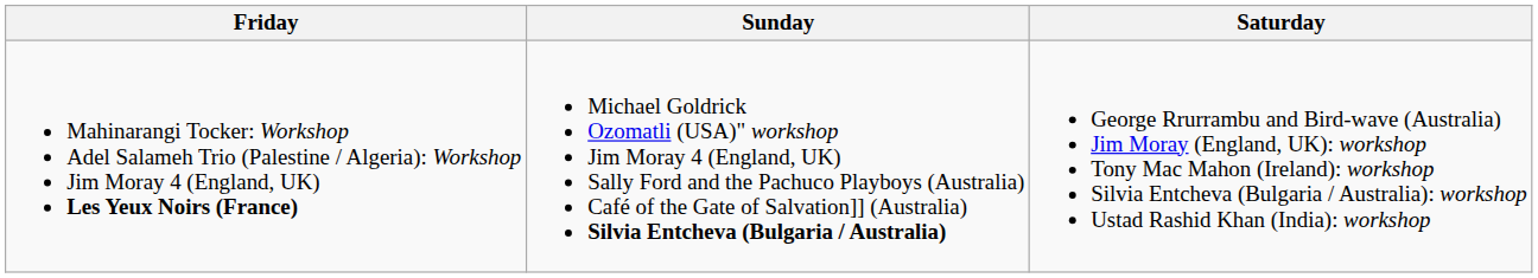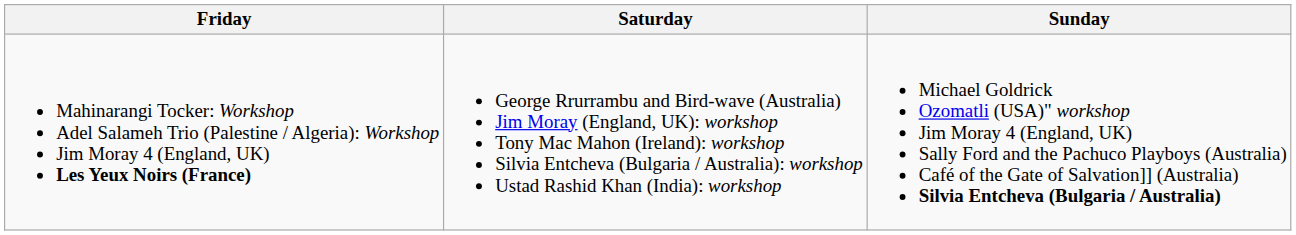 <table class="wikitable">
 <tr>
 <th>Friday</th>
+<th>Saturday</th>
 <th>Sunday</th>
-<th>Saturday</th>
 </tr>
 <tr>
 <td><br><ul><li>Mahinarangi Tocker: <em>Workshop</em></li><li>Adel Salameh Trio (Palestine / Algeria): <em>Workshop</em></li><li>Jim Moray 4 (England, UK)</li><li><strong>Les Yeux Noirs (France)</strong></li></ul></td>
+<td><br><ul><li>George Rrurrambu and Bird-wave (Australia)</li><li><a href='#'>Jim Moray</a> (England, UK): <em>workshop</em></li><li>Tony Mac Mahon (Ireland): <em>workshop</em></li><li>Silvia Entcheva (Bulgaria / Australia): <em>workshop</em></li><li>Ustad Rashid Khan (India): <em>workshop</em></li></ul></td>
 <td><br><ul><li>Michael Goldrick</li><li><a href='#'>Ozomatli</a> (USA)" <em>workshop</em></li><li>Jim Moray 4 (England, UK)</li><li>Sally Ford and the Pachuco Playboys (Australia)</li><li>Café of the Gate of Salvation]] (Australia)</li><li><strong>Silvia Entcheva (Bulgaria / Australia)</strong></li></ul></td>
-<td><br><ul><li>George Rrurrambu and Bird-wave (Australia)</li><li><a href='#'>Jim Moray</a> (England, UK): <em>workshop</em></li><li>Tony Mac Mahon (Ireland): <em>workshop</em></li><li>Silvia Entcheva (Bulgaria / Australia): <em>workshop</em></li><li>Ustad Rashid Khan (India): <em>workshop</em></li></ul></td>
 </tr>
 </table>
